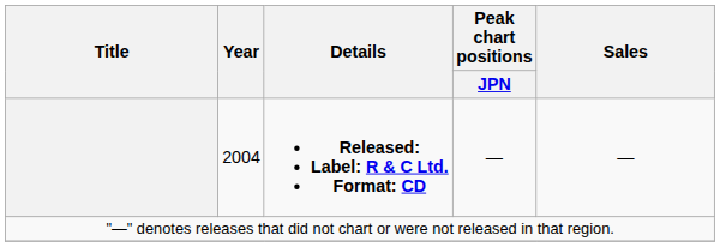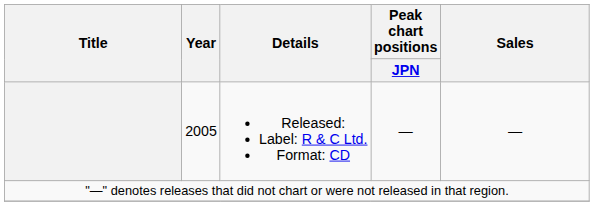 <table class="wikitable plainrowheaders" style="text-align:center;">
 <tr>
 <th rowspan="2" style="width:12em;">Title</th>
 <th rowspan="2">Year</th>
 <th rowspan="2">Details</th>
 <th colspan="1">Peak chart positions</th>
 <th rowspan="2" style="width:10em;">Sales</th>
 </tr>
 <tr>
 <th width="30"><a href='#'>JPN</a></th>
 </tr>
 <tr>
 <th scope="row"></th>
-<td>2004</td>
-<td><strong><br><ul><li>Released: </li><li>Label: <a href='#'>R & C Ltd.</a></li><li>Format: <a href='#'>CD</a></li></ul></strong></td>
+<td>2005</td>
+<td><br><ul><li>Released: </li><li>Label: <a href='#'>R & C Ltd.</a></li><li>Format: <a href='#'>CD</a></li></ul></td>
 <td>—</td>
 <td>—</td>
 </tr>
 <tr>
 <td colspan="5" style="font-size:90%;">"—" denotes releases that did not chart or were not released in that region.</td>
 </tr>
 <tr>
 </tr>
 </table>
